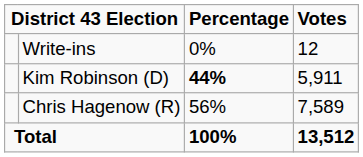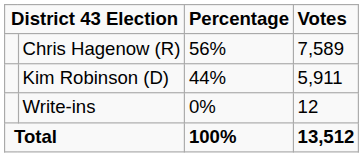 <table class="wikitable">
 <tr>
 <td colspan="2" rowspan="1" align="center" valign="top"><strong>District 43 Election</strong></td>
 <td style="vertical-align:top;"><strong>Percentage</strong></td>
 <td style="vertical-align:top;"><strong>Votes</strong></td>
 </tr>
 <tr>
 <td style="background-color:"> </td>
-<td>Write-ins</td>
-<td>0%</td>
-<td>12</td>
+<td>Chris Hagenow (R)</td>
+<td>56%</td>
+<td>7,589</td>
 </tr>
 <tr>
 <td style="background-color:"> </td>
 <td>Kim Robinson (D)</td>
-<td><strong>44%</strong></td>
+<td>44%</td>
 <td>5,911</td>
 </tr>
 <tr>
 <td style="background-color:"> </td>
-<td>Chris Hagenow (R)</td>
-<td>56%</td>
-<td>7,589</td>
+<td>Write-ins</td>
+<td>0%</td>
+<td>12</td>
 </tr>
 <tr>
 <td colspan="2" rowspan="1"> <strong>Total</strong></td>
 <td><strong>100%</strong></td>
 <td><strong>13,512</strong></td>
 </tr>
 </table>
